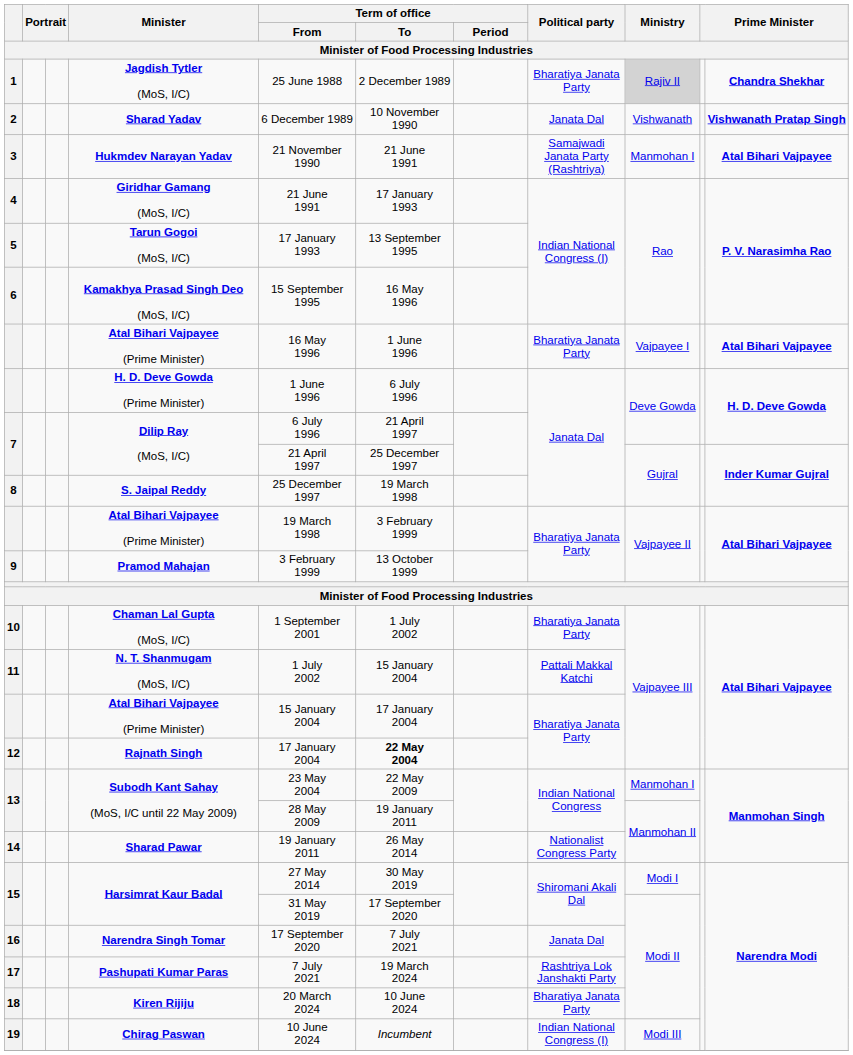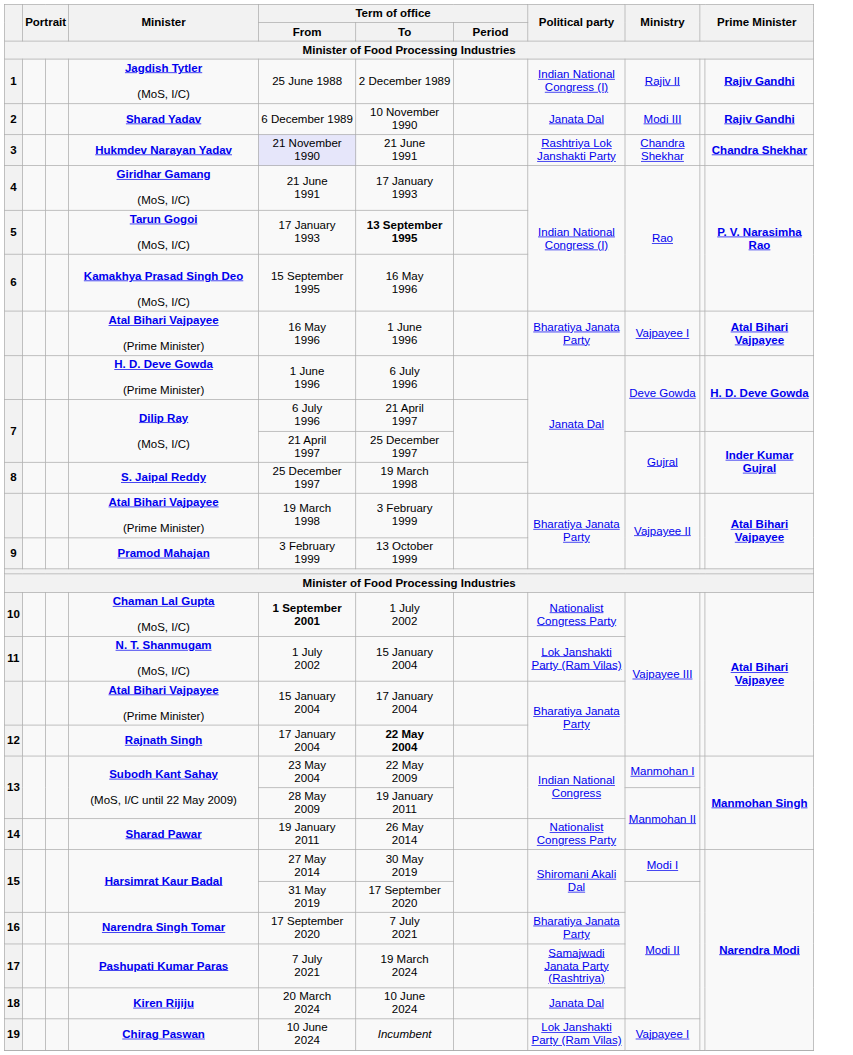 <table class="wikitable" style="text-align:center">
 <tr>
 <th rowspan="2"></th>
 <th rowspan="2" colspan="2">Portrait</th>
 <th rowspan="2" style="width:16em">Minister<br></th>
 <th colspan="3">Term of office</th>
 <th rowspan="2" style="width:8em">Political party</th>
 <th rowspan="2" style="width:6em">Ministry</th>
 <th rowspan="2" colspan="2">Prime Minister</th>
 </tr>
 <tr>
 <th style="width:8em">From</th>
 <th style="width:8em">To</th>
 <th style="width:6em">Period</th>
 </tr>
 <tr>
 <th colspan="11">Minister of Food Processing Industries</th>
 </tr>
 <tr>
 <th>1</th>
 <td></td>
 <td></td>
 <td><strong><a href='#'>Jagdish Tytler</a></strong><br><br>(MoS, I/C)</td>
 <td>25 June 1988</td>
 <td>2 December 1989</td>
 <td><strong></strong></td>
-<td><a href='#'>Bharatiya Janata Party</a></td>
-<td style="background: lightgrey;"><a href='#'>Rajiv II</a></td>
+<td><a href='#'>Indian National Congress (I)</a></td>
+<td><a href='#'>Rajiv II</a></td>
 <td></td>
-<td><strong><a href='#'>Chandra Shekhar</a></strong></td>
+<td style="width:9em"><strong><a href='#'>Rajiv Gandhi</a></strong></td>
 </tr>
 <tr>
 <th>2</th>
 <td style="background:"></td>
 <td></td>
 <td><strong><a href='#'>Sharad Yadav</a></strong><br></td>
 <td>6 December 1989</td>
 <td>10 November 1990</td>
 <td><strong></strong></td>
 <td><a href='#'>Janata Dal</a></td>
-<td><a href='#'>Vishwanath</a></td>
+<td><a href='#'>Modi III</a></td>
 <td style="background:"></td>
-<td><strong><a href='#'>Vishwanath Pratap Singh</a></strong></td>
+<td style="width:9em"><strong><a href='#'>Rajiv Gandhi</a></strong></td>
 </tr>
 <tr>
 <th>3</th>
 <td></td>
 <td></td>
 <td><strong><a href='#'>Hukmdev Narayan Yadav</a></strong><br></td>
-<td>21 November<br>1990</td>
+<td style="background: lavender;">21 November<br>1990</td>
 <td>21 June<br>1991</td>
 <td><strong></strong></td>
-<td><a href='#'>Samajwadi Janata Party (Rashtriya)</a></td>
-<td><a href='#'>Manmohan I</a></td>
+<td><a href='#'>Rashtriya Lok Janshakti Party</a></td>
+<td><a href='#'>Chandra Shekhar</a></td>
 <td></td>
-<td><strong><a href='#'>Atal Bihari Vajpayee</a></strong></td>
+<td><strong><a href='#'>Chandra Shekhar</a></strong></td>
 </tr>
 <tr>
 <th>4</th>
 <td></td>
 <td></td>
 <td><strong><a href='#'>Giridhar Gamang</a></strong><br><br>(MoS, I/C)</td>
 <td>21 June<br>1991</td>
 <td>17 January<br>1993</td>
 <td><strong></strong></td>
 <td rowspan="3"><a href='#'>Indian National Congress (I)</a></td>
 <td rowspan="3"><a href='#'>Rao</a></td>
 <td rowspan="3"></td>
 <td rowspan="3"><strong><a href='#'>P. V. Narasimha Rao</a></strong></td>
 </tr>
 <tr>
 <th>5</th>
 <td></td>
 <td></td>
 <td><strong><a href='#'>Tarun Gogoi</a></strong><br><br>(MoS, I/C)</td>
 <td>17 January<br>1993</td>
-<td>13 September<br>1995</td>
+<td><strong>13 September<br>1995</strong></td>
 <td><strong></strong></td>
 </tr>
 <tr>
 <th>6</th>
 <td></td>
 <td></td>
 <td><br><strong><a href='#'>Kamakhya Prasad Singh Deo</a></strong> <br><br>(MoS, I/C)</td>
 <td>15 September<br>1995</td>
 <td>16 May<br>1996</td>
 <td><strong></strong></td>
 </tr>
 <tr>
 <th></th>
 <td></td>
 <td></td>
 <td><strong><a href='#'>Atal Bihari Vajpayee</a></strong><br><br>(Prime Minister)</td>
 <td>16 May<br>1996</td>
 <td>1 June<br>1996</td>
 <td><strong></strong></td>
 <td><a href='#'>Bharatiya Janata Party</a></td>
 <td><a href='#'>Vajpayee I</a></td>
 <td></td>
 <td><strong><a href='#'>Atal Bihari Vajpayee</a></strong></td>
 </tr>
 <tr>
 <th></th>
 <td style="background:"></td>
 <td></td>
 <td><strong><a href='#'>H. D. Deve Gowda</a></strong><br><br>(Prime Minister)</td>
 <td>1 June<br>1996</td>
 <td>6 July<br>1996</td>
 <td><strong></strong></td>
 <td rowspan="4"><a href='#'>Janata Dal</a></td>
 <td rowspan="2"><a href='#'>Deve Gowda</a></td>
 <td rowspan="2"></td>
 <td rowspan="2"><strong><a href='#'>H. D. Deve Gowda</a></strong></td>
 </tr>
 <tr>
 <th rowspan="2">7</th>
 <td rowspan="2" style="background:"></td>
 <td rowspan="2"></td>
 <td rowspan="2"><strong><a href='#'>Dilip Ray</a></strong><br><br>(MoS, I/C)</td>
 <td>6 July<br>1996</td>
 <td>21 April<br>1997</td>
 <td rowspan="2"><strong></strong></td>
 </tr>
 <tr>
 <td>21 April<br>1997</td>
 <td>25 December<br>1997</td>
 <td rowspan="2"><a href='#'>Gujral</a></td>
 <td rowspan="2" style="background:"></td>
 <td rowspan="2"><strong><a href='#'>Inder Kumar Gujral</a></strong></td>
 </tr>
 <tr>
 <th>8</th>
 <td style="background:"></td>
 <td></td>
 <td><strong><a href='#'>S. Jaipal Reddy</a></strong><br></td>
 <td>25 December<br>1997</td>
 <td>19 March<br>1998</td>
 <td><strong></strong></td>
 </tr>
 <tr>
 <th></th>
 <td></td>
 <td></td>
 <td><strong><a href='#'>Atal Bihari Vajpayee</a></strong><br><br>(Prime Minister)</td>
 <td>19 March<br>1998</td>
 <td>3 February<br>1999</td>
 <td><strong></strong></td>
 <td rowspan="2"><a href='#'>Bharatiya Janata Party</a></td>
 <td rowspan="2"><a href='#'>Vajpayee II</a></td>
 <td rowspan="2"></td>
 <td rowspan="2"><strong><a href='#'>Atal Bihari Vajpayee</a></strong></td>
 </tr>
 <tr>
 <th>9</th>
 <td></td>
 <td></td>
 <td><strong><a href='#'>Pramod Mahajan</a></strong><br></td>
 <td>3 February<br>1999</td>
 <td>13 October<br>1999</td>
 <td><strong></strong></td>
 </tr>
 <tr>
 <th colspan="11"></th>
 </tr>
 <tr>
 <th colspan="11">Minister of Food Processing Industries</th>
 </tr>
 <tr>
 <th>10</th>
 <td></td>
 <td></td>
 <td><strong><a href='#'>Chaman Lal Gupta</a></strong><br><br>(MoS, I/C)</td>
-<td>1 September<br>2001</td>
+<td><strong>1 September<br>2001</strong></td>
 <td>1 July<br>2002</td>
 <td><strong></strong></td>
-<td><a href='#'>Bharatiya Janata Party</a></td>
+<td><a href='#'>Nationalist Congress Party</a></td>
 <td rowspan="4"><a href='#'>Vajpayee III</a></td>
 <td rowspan="4"></td>
 <td rowspan="4"><strong><a href='#'>Atal Bihari Vajpayee</a></strong></td>
 </tr>
 <tr>
 <th>11</th>
 <td></td>
 <td></td>
 <td><strong><a href='#'>N. T. Shanmugam</a></strong><br><br>(MoS, I/C)</td>
 <td>1 July<br>2002</td>
 <td>15 January<br>2004</td>
 <td><strong></strong></td>
-<td><a href='#'>Pattali Makkal Katchi</a></td>
+<td><a href='#'>Lok Janshakti Party (Ram Vilas)</a></td>
 </tr>
 <tr>
 <th></th>
 <td></td>
 <td></td>
 <td><strong><a href='#'>Atal Bihari Vajpayee</a></strong><br><br>(Prime Minister)</td>
 <td>15 January<br>2004</td>
 <td>17 January<br>2004</td>
 <td><strong></strong></td>
 <td rowspan="2"><a href='#'>Bharatiya Janata Party</a></td>
 </tr>
 <tr>
 <th>12</th>
 <td></td>
 <td></td>
 <td><strong><a href='#'>Rajnath Singh</a></strong><br></td>
 <td>17 January<br>2004</td>
 <td><strong>22 May<br>2004</strong></td>
 <td><strong></strong></td>
 </tr>
 <tr>
 <th rowspan="2">13</th>
 <td rowspan="2"></td>
 <td rowspan="2"></td>
 <td rowspan="2"><strong><a href='#'>Subodh Kant Sahay</a></strong><br><br>(MoS, I/C until 22 May 2009)</td>
 <td>23 May<br>2004</td>
 <td>22 May<br>2009</td>
 <td rowspan="2"><strong></strong></td>
 <td rowspan="2"><a href='#'>Indian National Congress</a></td>
 <td><a href='#'>Manmohan I</a></td>
 <td rowspan="3"></td>
 <td rowspan="3"><strong><a href='#'>Manmohan Singh</a></strong></td>
 </tr>
 <tr>
 <td>28 May<br>2009</td>
 <td>19 January<br>2011</td>
 <td rowspan="2"><a href='#'>Manmohan II</a></td>
 </tr>
 <tr>
 <th>14</th>
 <td></td>
 <td></td>
 <td><strong><a href='#'>Sharad Pawar</a></strong><br></td>
 <td>19 January<br>2011</td>
 <td>26 May<br>2014</td>
 <td><strong></strong></td>
 <td><a href='#'>Nationalist Congress Party</a></td>
 </tr>
 <tr>
 <th rowspan="2">15</th>
 <td rowspan="2" style="background:"></td>
 <td rowspan="2"></td>
 <td rowspan="2"><strong><a href='#'>Harsimrat Kaur Badal</a></strong><br></td>
 <td>27 May<br>2014</td>
 <td>30 May<br>2019</td>
 <td rowspan="2"><strong></strong></td>
 <td rowspan="2"><a href='#'>Shiromani Akali Dal</a></td>
 <td><a href='#'>Modi I</a></td>
 <td rowspan="6"></td>
 <td rowspan="6"><strong><a href='#'>Narendra Modi</a></strong></td>
 </tr>
 <tr>
 <td>31 May<br>2019</td>
 <td>17 September<br>2020</td>
 <td rowspan="4"><a href='#'>Modi II</a></td>
 </tr>
 <tr>
 <th>16</th>
 <td></td>
 <td></td>
 <td><strong><a href='#'>Narendra Singh Tomar</a></strong><br></td>
 <td>17 September<br>2020</td>
 <td>7 July<br>2021</td>
 <td><strong></strong></td>
-<td><a href='#'>Janata Dal</a></td>
+<td><a href='#'>Bharatiya Janata Party</a></td>
 </tr>
 <tr>
 <th>17</th>
 <td style="background:"></td>
 <td></td>
 <td><strong><a href='#'>Pashupati Kumar Paras</a></strong><br></td>
 <td>7 July<br>2021</td>
 <td>19 March<br>2024</td>
 <td><strong></strong></td>
-<td><a href='#'>Rashtriya Lok Janshakti Party</a></td>
+<td><a href='#'>Samajwadi Janata Party (Rashtriya)</a></td>
 </tr>
 <tr>
 <th>18</th>
 <td></td>
 <td></td>
 <td><strong><a href='#'>Kiren Rijiju</a></strong><br></td>
 <td>20 March<br>2024</td>
 <td>10 June<br>2024</td>
 <td><strong></strong></td>
-<td><a href='#'>Bharatiya Janata Party</a></td>
+<td><a href='#'>Janata Dal</a></td>
 </tr>
 <tr>
 <th>19</th>
 <td style="background:"></td>
 <td></td>
 <td><strong><a href='#'>Chirag Paswan</a></strong><br></td>
 <td>10 June<br>2024</td>
 <td><em>Incumbent</em></td>
 <td><strong></strong></td>
-<td><a href='#'>Indian National Congress (I)</a></td>
-<td><a href='#'>Modi III</a></td>
+<td><a href='#'>Lok Janshakti Party (Ram Vilas)</a></td>
+<td><a href='#'>Vajpayee I</a></td>
 </tr>
 <tr>
 </tr>
 </table>
